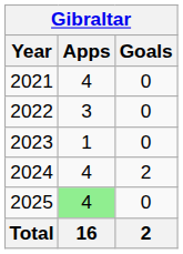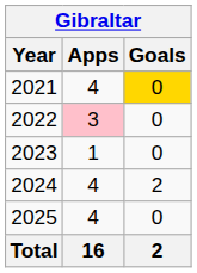 <table class="wikitable" style="text-align:center">
 <tr>
 <th colspan=3><a href='#'>Gibraltar</a></th>
 </tr>
 <tr>
 <th>Year</th>
 <th>Apps</th>
 <th>Goals</th>
 </tr>
 <tr>
 <td>2021</td>
 <td>4</td>
-<td>0</td>
+<td style="background: gold;">0</td>
 </tr>
 <tr>
 <td>2022</td>
-<td>3</td>
+<td style="background: pink;">3</td>
 <td>0</td>
 </tr>
 <tr>
 <td>2023</td>
 <td>1</td>
 <td>0</td>
 </tr>
 <tr>
 <td>2024</td>
 <td>4</td>
 <td>2</td>
 </tr>
 <tr>
 <td>2025</td>
-<td style="background: lightgreen;">4</td>
+<td>4</td>
 <td>0</td>
 </tr>
 <tr>
 <th>Total</th>
 <th>16</th>
 <th>2</th>
 </tr>
 </table>
